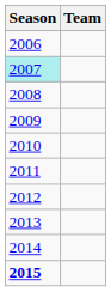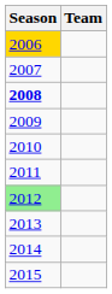 <table class="wikitable">
 <tr>
 <th>Season</th>
 <th>Team</th>
 </tr>
 <tr>
-<td><a href='#'>2006</a></td>
+<td style="background: gold;"><a href='#'>2006</a></td>
 <td></td>
 </tr>
 <tr>
-<td style="background: paleturquoise;"><a href='#'>2007</a></td>
+<td><a href='#'>2007</a></td>
 <td></td>
 </tr>
 <tr>
-<td><a href='#'>2008</a></td>
+<td><strong><a href='#'>2008</a></strong></td>
 <td></td>
 </tr>
 <tr>
 <td><a href='#'>2009</a></td>
 <td></td>
 </tr>
 <tr>
 <td><a href='#'>2010</a></td>
 <td></td>
 </tr>
 <tr>
 <td><a href='#'>2011</a></td>
 <td></td>
 </tr>
 <tr>
-<td><a href='#'>2012</a></td>
+<td style="background: lightgreen;"><a href='#'>2012</a></td>
 <td></td>
 </tr>
 <tr>
 <td><a href='#'>2013</a></td>
 <td></td>
 </tr>
 <tr>
 <td><a href='#'>2014</a></td>
 <td></td>
 </tr>
 <tr>
-<td><strong><a href='#'>2015</a></strong></td>
+<td><a href='#'>2015</a></td>
 <td></td>
 </tr>
 </table>
